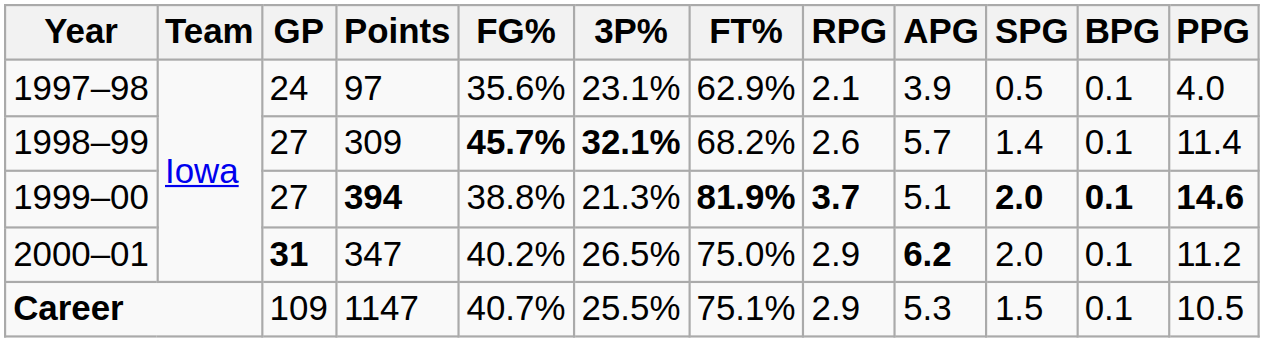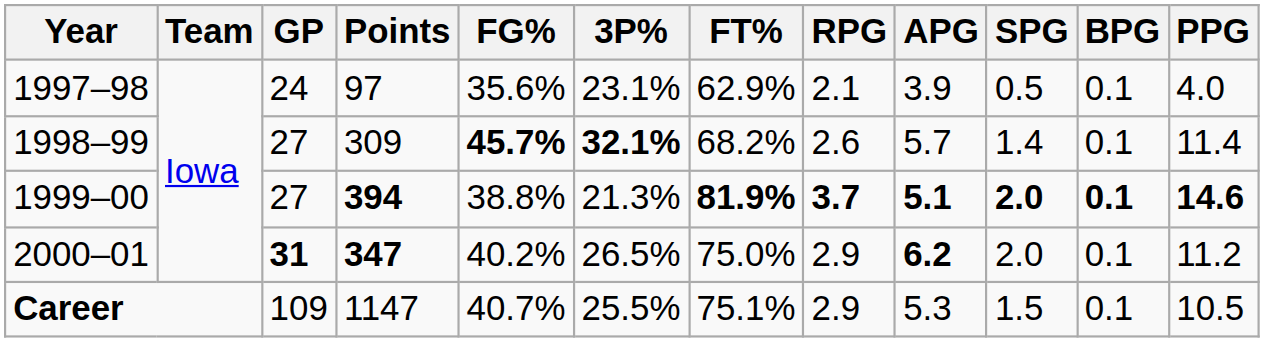 <table class="wikitable sortable">
 <tr>
 <th>Year</th>
 <th>Team</th>
 <th>GP</th>
 <th>Points</th>
 <th>FG%</th>
 <th>3P%</th>
 <th>FT%</th>
 <th>RPG</th>
 <th>APG</th>
 <th>SPG</th>
 <th>BPG</th>
 <th>PPG</th>
 </tr>
 <tr>
 <td>1997–98</td>
 <td rowspan=4><a href='#'>Iowa</a></td>
 <td>24</td>
 <td>97</td>
 <td>35.6%</td>
 <td>23.1%</td>
 <td>62.9%</td>
 <td>2.1</td>
 <td>3.9</td>
 <td>0.5</td>
 <td>0.1</td>
 <td>4.0</td>
 </tr>
 <tr>
 <td>1998–99</td>
 <td>27</td>
 <td>309</td>
 <td><strong>45.7%</strong></td>
 <td><strong>32.1%</strong></td>
 <td>68.2%</td>
 <td>2.6</td>
 <td>5.7</td>
 <td>1.4</td>
 <td>0.1</td>
 <td>11.4</td>
 </tr>
 <tr>
 <td>1999–00</td>
 <td>27</td>
 <td><strong>394</strong></td>
 <td>38.8%</td>
 <td>21.3%</td>
 <td><strong>81.9%</strong></td>
 <td><strong>3.7</strong></td>
-<td>5.1</td>
+<td><strong>5.1</strong></td>
 <td><strong>2.0</strong></td>
 <td><strong>0.1</strong></td>
 <td><strong>14.6</strong></td>
 </tr>
 <tr>
 <td>2000–01</td>
 <td><strong>31</strong></td>
-<td>347</td>
+<td><strong>347</strong></td>
 <td>40.2%</td>
 <td>26.5%</td>
 <td>75.0%</td>
 <td>2.9</td>
 <td><strong>6.2</strong></td>
 <td>2.0</td>
 <td>0.1</td>
 <td>11.2</td>
 </tr>
 <tr class="sortbottom">
 <td colspan="2"><strong>Career</strong></td>
 <td>109</td>
 <td>1147</td>
 <td>40.7%</td>
 <td>25.5%</td>
 <td>75.1%</td>
 <td>2.9</td>
 <td>5.3</td>
 <td>1.5</td>
 <td>0.1</td>
 <td>10.5</td>
 </tr>
 </table>
